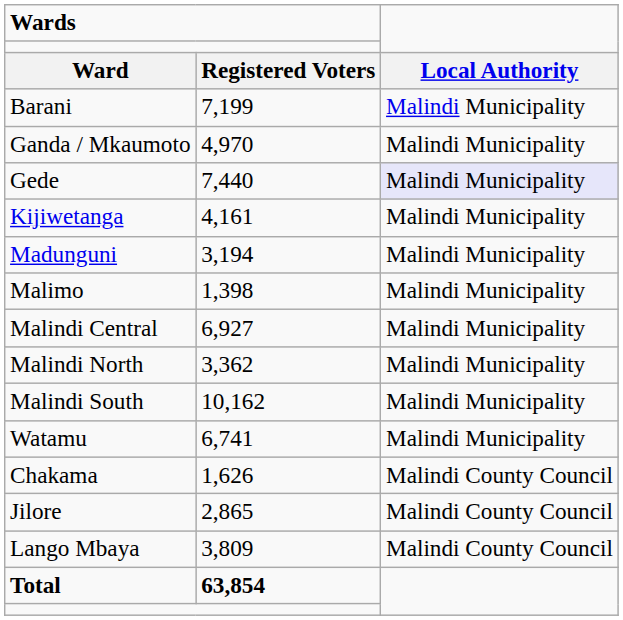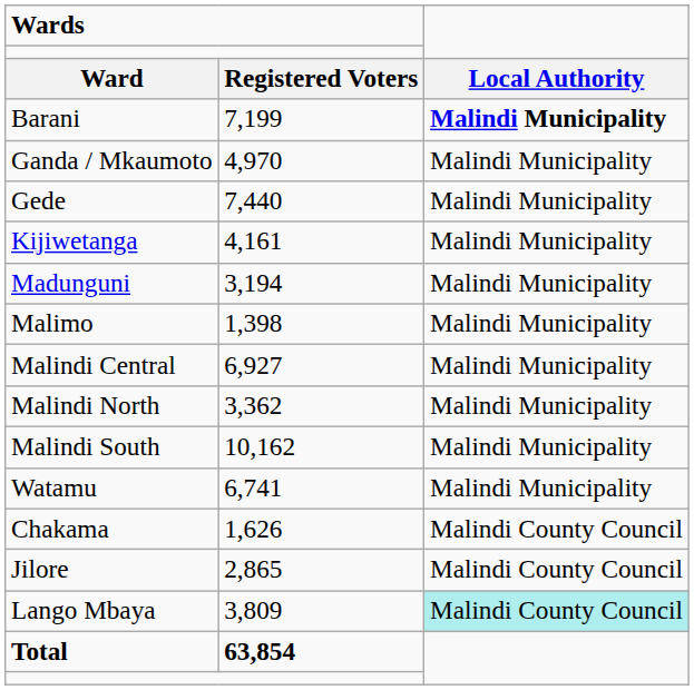 <table class="wikitable">
 <tr>
 <td colspan="2"><strong>Wards</strong></td>
 </tr>
 <tr>
 <td colspan="2"></td>
 </tr>
 <tr>
 <th>Ward</th>
 <th>Registered Voters</th>
 <th><a href='#'>Local Authority</a></th>
 </tr>
 <tr>
 <td>Barani</td>
 <td>7,199</td>
-<td><a href='#'>Malindi</a> Municipality</td>
+<td><strong><a href='#'>Malindi</a> Municipality</strong></td>
 </tr>
 <tr>
 <td>Ganda / Mkaumoto</td>
 <td>4,970</td>
 <td>Malindi Municipality</td>
 </tr>
 <tr>
 <td>Gede</td>
 <td>7,440</td>
-<td style="background: lavender;">Malindi Municipality</td>
+<td>Malindi Municipality</td>
 </tr>
 <tr>
 <td><a href='#'>Kijiwetanga</a></td>
 <td>4,161</td>
 <td>Malindi Municipality</td>
 </tr>
 <tr>
 <td><a href='#'>Madunguni</a></td>
 <td>3,194</td>
 <td>Malindi Municipality</td>
 </tr>
 <tr>
 <td>Malimo</td>
 <td>1,398</td>
 <td>Malindi Municipality</td>
 </tr>
 <tr>
 <td>Malindi Central</td>
 <td>6,927</td>
 <td>Malindi Municipality</td>
 </tr>
 <tr>
 <td>Malindi North</td>
 <td>3,362</td>
 <td>Malindi Municipality</td>
 </tr>
 <tr>
 <td>Malindi South</td>
 <td>10,162</td>
 <td>Malindi Municipality</td>
 </tr>
 <tr>
 <td>Watamu</td>
 <td>6,741</td>
 <td>Malindi Municipality</td>
 </tr>
 <tr>
 <td>Chakama</td>
 <td>1,626</td>
 <td>Malindi County Council</td>
 </tr>
 <tr>
 <td>Jilore</td>
 <td>2,865</td>
 <td>Malindi County Council</td>
 </tr>
 <tr>
 <td>Lango Mbaya</td>
 <td>3,809</td>
-<td>Malindi County Council</td>
+<td style="background: paleturquoise;">Malindi County Council</td>
 </tr>
 <tr>
 <td><strong>Total</strong></td>
 <td><strong>63,854</strong></td>
 </tr>
 <tr>
 <td colspan="2"></td>
 </tr>
 </table>
